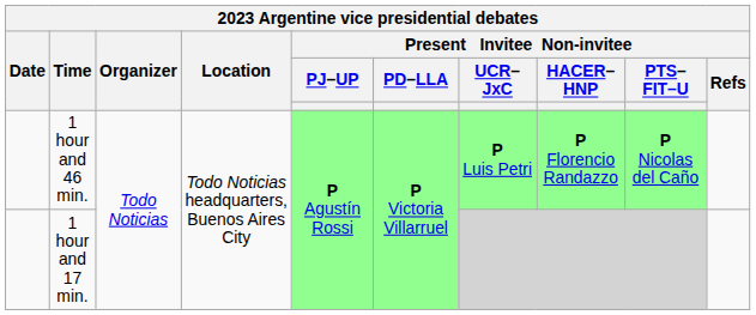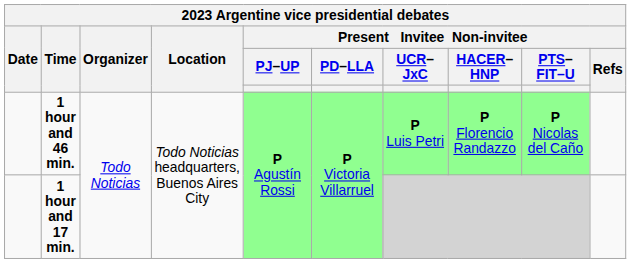 <table class="wikitable" style="font-size:85%; line-height:15px; text-align:center;">
 <tr>
 <th colspan="10">2023 Argentine vice presidential debates</th>
 </tr>
 <tr>
 <th rowspan="3">Date</th>
 <th rowspan="3">Time</th>
 <th rowspan="3">Organizer</th>
 <th rowspan="3">Location</th>
 <th colspan="6"> Present    Invitee  Non-invitee </th>
 </tr>
 <tr>
 <th scope="col" style="width:5em;"><a href='#'>PJ</a>–<a href='#'>UP</a></th>
 <th scope="col" style="width:5em;"><a href='#'>PD</a>–<a href='#'>LLA</a></th>
 <th scope="col" style="width:5em;"><a href='#'>UCR</a>–<a href='#'>JxC</a></th>
 <th scope="col" style="width:5em;"><a href='#'>HACER</a>–<a href='#'>HNP</a></th>
 <th scope="col" style="width:5em;"><a href='#'>PTS</a>–<a href='#'>FIT–U</a></th>
 <th rowspan="2">Refs</th>
 </tr>
 <tr>
 <th style="background:"></th>
 <th style="background:"></th>
 <th style="background:"></th>
 <th style="background:"></th>
 <th style="background:"></th>
 </tr>
 <tr>
 <td></td>
-<td>1 hour and 46 min.</td>
+<td><strong>1 hour and 46 min.</strong></td>
 <td rowspan="2"><em><a href='#'>Todo Noticias</a></em></td>
 <td rowspan="2"><em>Todo Noticias</em> headquarters, Buenos Aires City</td>
 <td rowspan="2" style="background:#90FF90"><strong>P</strong><br><a href='#'>Agustín Rossi</a></td>
 <td rowspan="2" style="background:#90FF90"><strong>P</strong><br><a href='#'>Victoria Villarruel</a></td>
 <td style="background:#90FF90"><strong>P</strong><br><a href='#'>Luis Petri</a></td>
 <td style="background:#90FF90"><strong>P</strong><br><a href='#'>Florencio Randazzo</a></td>
 <td style="background:#90FF90"><strong>P</strong><br><a href='#'>Nicolas del Caño</a></td>
 <td></td>
 </tr>
 <tr>
 <td></td>
-<td>1 hour and 17 min.</td>
+<td><strong>1 hour and 17 min.</strong></td>
 <td colspan="3" style="background:lightgrey;"> </td>
 <td></td>
 </tr>
 </table>
